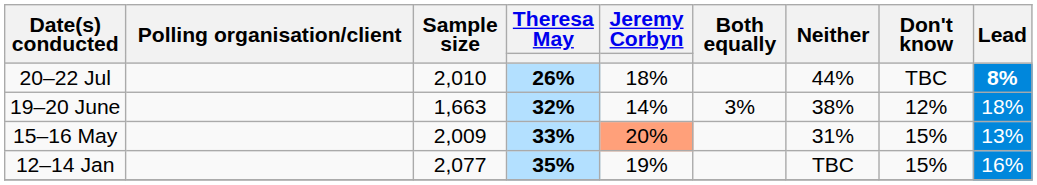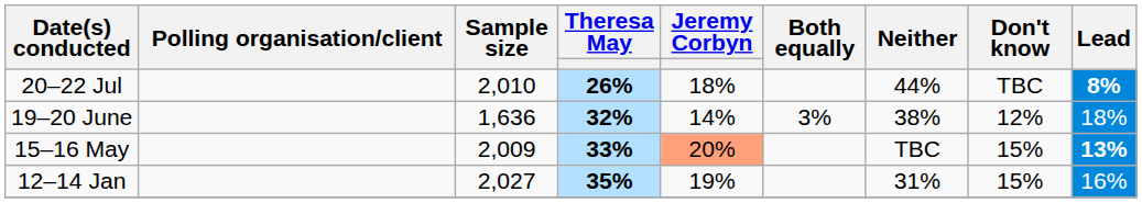 <table class="wikitable collapsible sortable" style="text-align:center;font-size:95%;line-height:14px">
 <tr>
 <th style="width:80px;" rowspan="2">Date(s)<br>conducted</th>
 <th style="width:200px;" rowspan="2">Polling organisation/client</th>
 <th style="width:60px;" rowspan="2">Sample size</th>
 <th style="width:60px;" class="unsortable"><a href='#'>Theresa May</a></th>
 <th style="width:60px;" class="unsortable"><a href='#'>Jeremy Corbyn</a></th>
 <th style="width:60px;" rowspan="2" class="unsortable">Both equally</th>
 <th style="width:60px;" rowspan="2" class="unsortable">Neither</th>
 <th style="width:60px;" rowspan="2" class="unsortable">Don't know</th>
 <th class="unsortable" style="width:20px;" rowspan="2">Lead</th>
 </tr>
 <tr>
 <th class="unsortable" style="color:inherit;background:"></th>
 <th class="unsortable" style="color:inherit;background:"></th>
 </tr>
 <tr>
 <td>20–22 Jul</td>
 <td></td>
 <td>2,010</td>
 <td style="background:#B3E0FF"><strong>26%</strong></td>
 <td>18%</td>
 <td></td>
 <td>44%</td>
 <td>TBC</td>
 <td style="background:#0087DC; color:white;"><strong>8%</strong></td>
 </tr>
 <tr>
 <td>19–20 June</td>
 <td></td>
-<td>1,663</td>
+<td>1,636</td>
 <td style="background:#B3E0FF"><strong>32%</strong></td>
 <td>14%</td>
 <td>3%</td>
 <td>38%</td>
 <td>12%</td>
 <td style="background:#0087DC; color:white;">18%</td>
 </tr>
 <tr>
 <td>15–16 May</td>
 <td></td>
 <td>2,009</td>
 <td style="background:#B3E0FF"><strong>33%</strong></td>
 <td style="background: lightsalmon;">20%</td>
 <td></td>
-<td>31%</td>
+<td>TBC</td>
 <td>15%</td>
-<td style="background:#0087DC; color:white;">13%</td>
+<td style="background:#0087DC; color:white;"><strong>13%</strong></td>
 </tr>
 <tr>
 <td>12–14 Jan</td>
 <td></td>
-<td>2,077</td>
+<td>2,027</td>
 <td style="background:#B3E0FF"><strong>35%</strong></td>
 <td>19%</td>
 <td></td>
-<td>TBC</td>
+<td>31%</td>
 <td>15%</td>
 <td style="background:#0087DC; color:white;">16%</td>
 </tr>
 <tr>
 </tr>
 </table>
